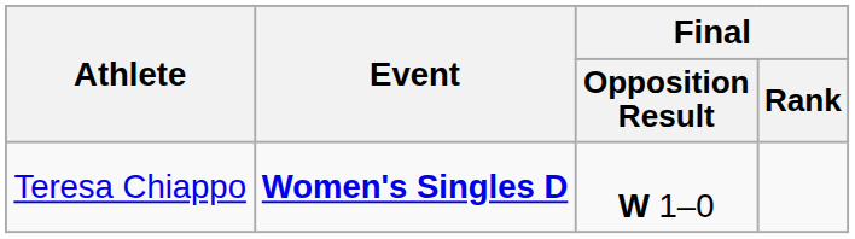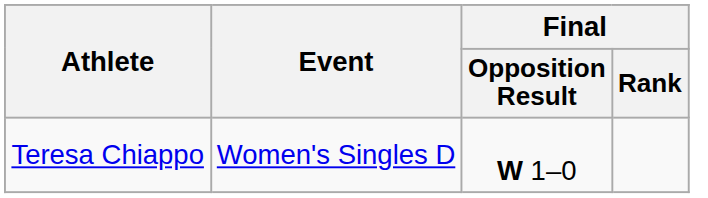 <table class=wikitable style=font-size:90%;text-align:center>
 <tr>
 <th rowspan=2>Athlete</th>
 <th rowspan=2>Event</th>
 <th colspan=2>Final</th>
 </tr>
 <tr style=font-size:95%>
 <th>Opposition<br>Result</th>
 <th>Rank</th>
 </tr>
 <tr>
 <td align=left><a href='#'>Teresa Chiappo</a></td>
-<td align=left><strong><a href='#'>Women's Singles D</a></strong></td>
+<td align=left><a href='#'>Women's Singles D</a></td>
 <td><br><strong>W</strong> 1–0</td>
 <td></td>
 </tr>
 </table>
